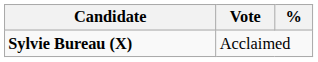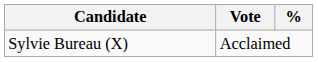 <table class="wikitable">
 <tr>
 <th bgcolor="#DDDDFF" width="200px">Candidate</th>
 <th bgcolor="#DDDDFF" width="50px">Vote</th>
 <th bgcolor="#DDDDFF" width="30px">%</th>
 </tr>
 <tr>
-<td><strong>Sylvie Bureau (X)</strong></td>
+<td>Sylvie Bureau (X)</td>
 <td colspan="2">Acclaimed</td>
 </tr>
 </table>
